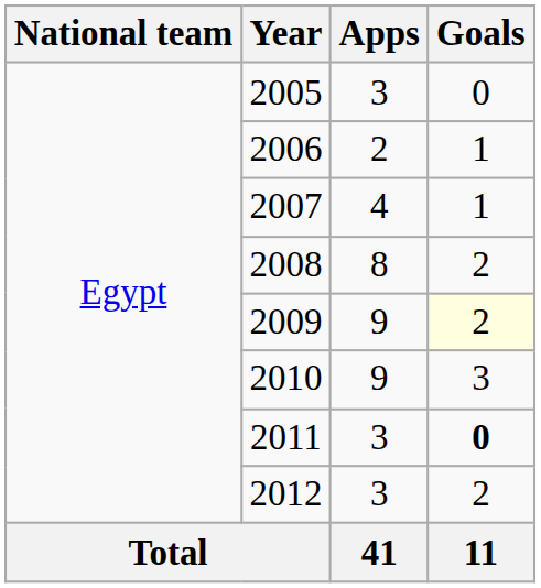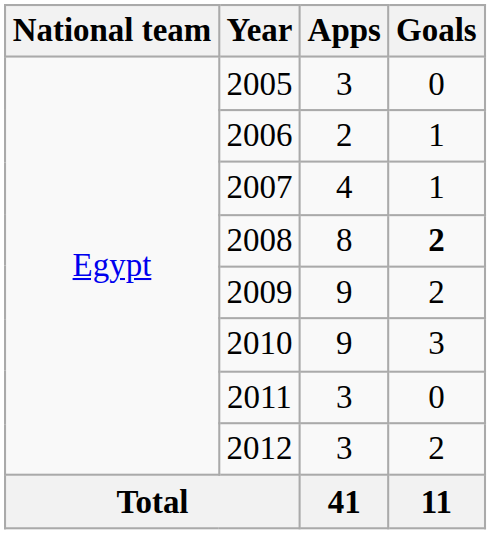 <table class="wikitable" style="text-align:center">
 <tr>
 <th>National team</th>
 <th>Year</th>
 <th>Apps</th>
 <th>Goals</th>
 </tr>
 <tr>
 <td rowspan="8"><a href='#'>Egypt</a></td>
 <td>2005</td>
 <td>3</td>
 <td>0</td>
 </tr>
 <tr>
 <td>2006</td>
 <td>2</td>
 <td>1</td>
 </tr>
 <tr>
 <td>2007</td>
 <td>4</td>
 <td>1</td>
 </tr>
 <tr>
 <td>2008</td>
 <td>8</td>
-<td>2</td>
+<td><strong>2</strong></td>
 </tr>
 <tr>
 <td>2009</td>
 <td>9</td>
-<td style="background: lightyellow;">2</td>
+<td>2</td>
 </tr>
 <tr>
 <td>2010</td>
 <td>9</td>
 <td>3</td>
 </tr>
 <tr>
 <td>2011</td>
 <td>3</td>
-<td><strong>0</strong></td>
+<td>0</td>
 </tr>
 <tr>
 <td>2012</td>
 <td>3</td>
 <td>2</td>
 </tr>
 <tr>
 <th colspan="2">Total</th>
 <th>41</th>
 <th>11</th>
 </tr>
 </table>
